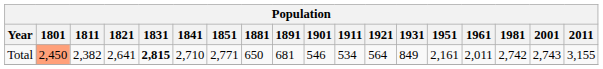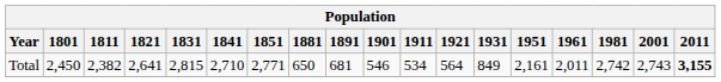 <table class="wikitable" style="margin: 1em auto 1em auto;">
 <tr>
 <th colspan="18">Population</th>
 </tr>
 <tr>
 <th>Year</th>
 <th>1801</th>
 <th>1811</th>
 <th>1821</th>
 <th>1831</th>
 <th>1841</th>
 <th>1851</th>
 <th>1881</th>
 <th>1891</th>
 <th>1901</th>
 <th>1911</th>
 <th>1921</th>
 <th>1931</th>
 <th>1951</th>
 <th>1961</th>
 <th>1981</th>
 <th>2001</th>
 <th>2011</th>
 </tr>
 <tr>
 <td>Total</td>
-<td style="background: lightsalmon;">2,450</td>
+<td>2,450</td>
 <td>2,382</td>
 <td>2,641</td>
-<td><strong>2,815</strong></td>
+<td>2,815</td>
 <td>2,710</td>
 <td>2,771</td>
 <td>650</td>
 <td>681</td>
 <td>546</td>
 <td>534</td>
 <td>564</td>
 <td>849</td>
 <td>2,161</td>
 <td>2,011</td>
 <td>2,742</td>
 <td>2,743</td>
-<td>3,155</td>
+<td><strong>3,155</strong></td>
 </tr>
 <tr>
 </tr>
 </table>
